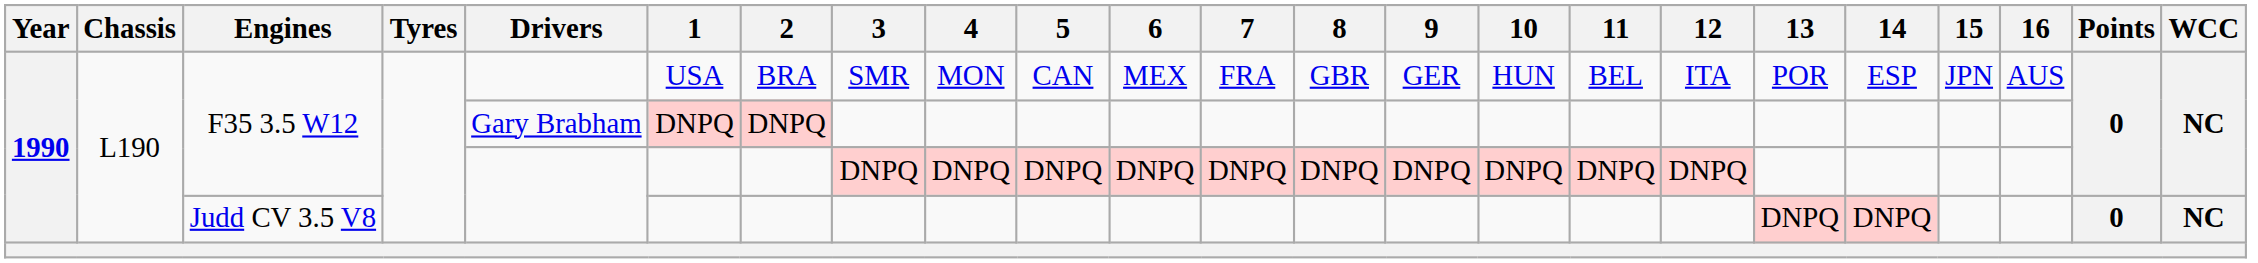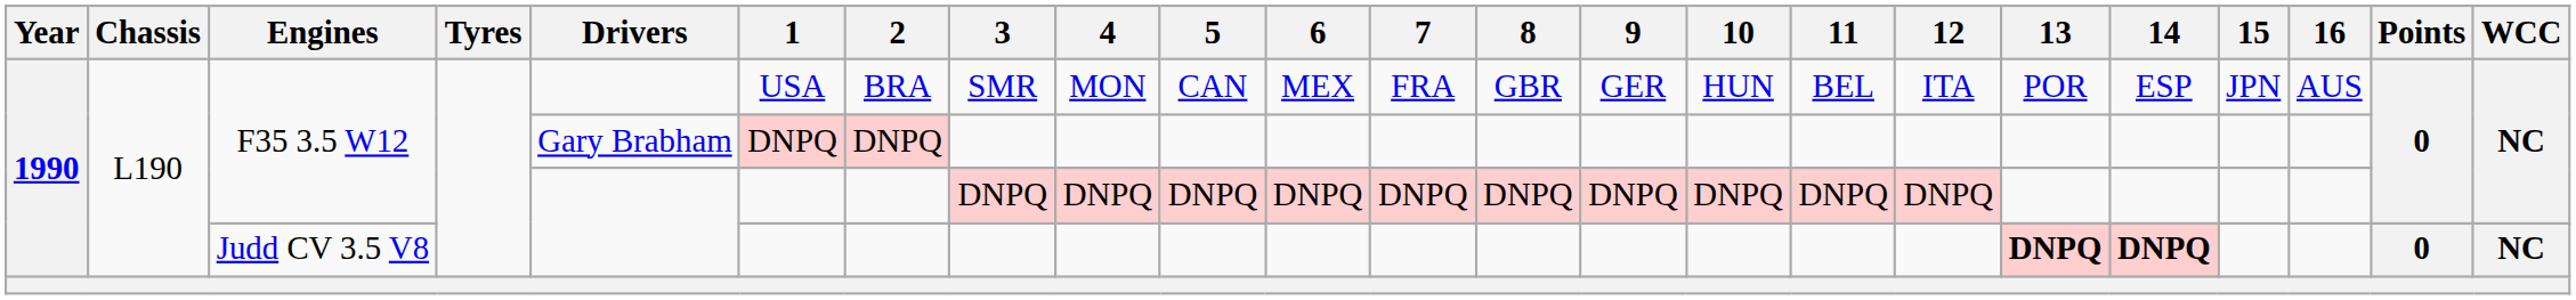 <table class="wikitable" style="text-align:center; font-size:85%">
 <tr>
 <th>Year</th>
 <th>Chassis</th>
 <th>Engines</th>
 <th>Tyres</th>
 <th>Drivers</th>
 <th>1</th>
 <th>2</th>
 <th>3</th>
 <th>4</th>
 <th>5</th>
 <th>6</th>
 <th>7</th>
 <th>8</th>
 <th>9</th>
 <th>10</th>
 <th>11</th>
 <th>12</th>
 <th>13</th>
 <th>14</th>
 <th>15</th>
 <th>16</th>
 <th>Points</th>
 <th>WCC</th>
 </tr>
 <tr>
 <th rowspan="4"><a href='#'>1990</a></th>
 <td rowspan="4">L190</td>
 <td rowspan="3">F35 3.5 <a href='#'>W12</a></td>
 <td rowspan="4"></td>
 <td></td>
 <td><a href='#'>USA</a></td>
 <td><a href='#'>BRA</a></td>
 <td><a href='#'>SMR</a></td>
 <td><a href='#'>MON</a></td>
 <td><a href='#'>CAN</a></td>
 <td><a href='#'>MEX</a></td>
 <td><a href='#'>FRA</a></td>
 <td><a href='#'>GBR</a></td>
 <td><a href='#'>GER</a></td>
 <td><a href='#'>HUN</a></td>
 <td><a href='#'>BEL</a></td>
 <td><a href='#'>ITA</a></td>
 <td><a href='#'>POR</a></td>
 <td><a href='#'>ESP</a></td>
 <td><a href='#'>JPN</a></td>
 <td><a href='#'>AUS</a></td>
 <th rowspan="3">0</th>
 <th rowspan="3">NC</th>
 </tr>
 <tr>
 <td align="left"> <a href='#'>Gary Brabham</a></td>
 <td style="background:#FFCFCF;">DNPQ</td>
 <td style="background:#FFCFCF;">DNPQ</td>
 <td></td>
 <td></td>
 <td></td>
 <td></td>
 <td></td>
 <td></td>
 <td></td>
 <td></td>
 <td></td>
 <td></td>
 <td></td>
 <td></td>
 <td></td>
 <td></td>
 </tr>
 <tr>
 <td rowspan="2" align="left"></td>
 <td></td>
 <td></td>
 <td style="background:#FFCFCF;">DNPQ</td>
 <td style="background:#FFCFCF;">DNPQ</td>
 <td style="background:#FFCFCF;">DNPQ</td>
 <td style="background:#FFCFCF;">DNPQ</td>
 <td style="background:#FFCFCF;">DNPQ</td>
 <td style="background:#FFCFCF;">DNPQ</td>
 <td style="background:#FFCFCF;">DNPQ</td>
 <td style="background:#FFCFCF;">DNPQ</td>
 <td style="background:#FFCFCF;">DNPQ</td>
 <td style="background:#FFCFCF;">DNPQ</td>
 <td></td>
 <td></td>
 <td></td>
 <td></td>
 </tr>
 <tr>
 <td><a href='#'>Judd</a> CV 3.5 <a href='#'>V8</a></td>
 <td></td>
 <td></td>
 <td></td>
 <td></td>
 <td></td>
 <td></td>
 <td></td>
 <td></td>
 <td></td>
 <td></td>
 <td></td>
 <td></td>
-<td style="background:#FFCFCF;">DNPQ</td>
-<td style="background:#FFCFCF;">DNPQ</td>
+<td style="background:#FFCFCF;"><strong>DNPQ</strong></td>
+<td style="background:#FFCFCF;"><strong>DNPQ</strong></td>
 <td></td>
 <td></td>
 <th>0</th>
 <th>NC</th>
 </tr>
 <tr>
 <th colspan="23"></th>
 </tr>
 </table>
